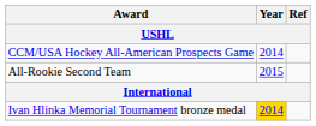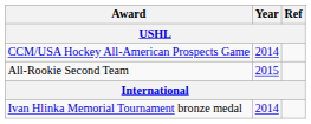 <table class="wikitable">
 <tr>
 <th>Award</th>
 <th>Year</th>
 <th>Ref</th>
 </tr>
 <tr>
 <th colspan="3"><a href='#'>USHL</a></th>
 </tr>
 <tr>
 <td><a href='#'>CCM/USA Hockey All-American Prospects Game</a></td>
 <td><a href='#'>2014</a></td>
 <td></td>
 </tr>
 <tr>
 <td>All-Rookie Second Team</td>
 <td><a href='#'>2015</a></td>
 <td></td>
 </tr>
 <tr>
 <th colspan="3"><a href='#'>International</a></th>
 </tr>
 <tr>
 <td><a href='#'>Ivan Hlinka Memorial Tournament</a> bronze medal</td>
-<td style="background: gold;"><a href='#'>2014</a></td>
+<td><a href='#'>2014</a></td>
 <td></td>
 </tr>
 </table>
